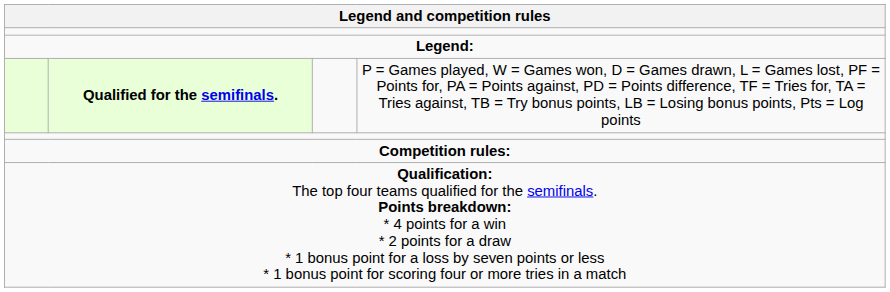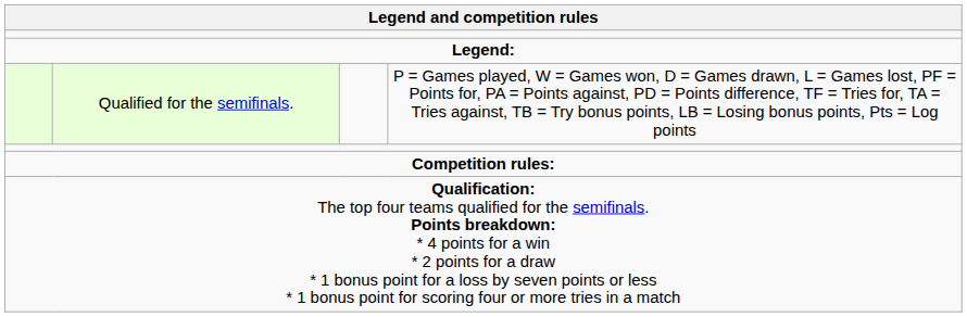 <table class="wikitable collapsible collapsed" style="text-align:center; font-size:100%; width:75%;">
 <tr>
 <th colspan="100%" style="border:0px">Legend and competition rules</th>
 </tr>
 <tr>
 <td colspan="100%"></td>
 </tr>
 <tr>
 <td colspan="100%" style="border:0px"><strong>Legend:</strong></td>
 </tr>
 <tr>
 <td style="width:5%; background:#E8FFD8"></td>
-<td style="width:30%; background:#E8FFD8"><strong>Qualified for the <a href='#'>semifinals</a>.</strong></td>
+<td style="width:30%; background:#E8FFD8">Qualified for the <a href='#'>semifinals</a>.</td>
 <td style="width:5%;"></td>
 <td style="width:60%;">P = Games played, W = Games won, D = Games drawn, L = Games lost, PF = Points for, PA = Points against, PD = Points difference, TF = Tries for, TA = Tries against, TB = Try bonus points, LB = Losing bonus points, Pts = Log points</td>
 </tr>
 <tr>
 <td colspan="100%"></td>
 </tr>
 <tr>
 <td colspan="100%" style="border:0px"><strong>Competition rules:</strong></td>
 </tr>
 <tr>
 <td colspan="100%"><strong>Qualification:</strong><br>The top four teams qualified for the <a href='#'>semifinals</a>.<br><strong>Points breakdown:</strong><br>* 4 points for a win<br>* 2 points for a draw<br>* 1 bonus point for a loss by seven points or less<br>* 1 bonus point for scoring four or more tries in a match</td>
 </tr>
 </table>
